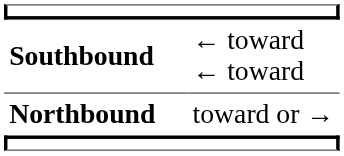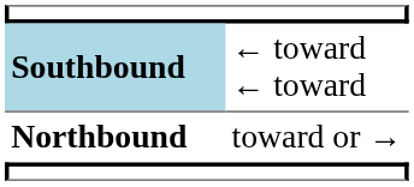 <table table border=0 cellspacing=0 cellpadding=3>
 <tr>
 <td style="border-bottom:solid 2px black;border-right:solid 2px black;border-left:solid 2px black;border-top:solid 1px gray;text-align:center;" colspan=2></td>
 </tr>
 <tr>
-<td width=100><strong>Southbound</strong></td>
+<td width=100 style="background: lightblue;"><strong>Southbound</strong></td>
 <td>←  toward  <br>←  toward  </td>
 </tr>
 <tr>
 <td style="border-top:solid 1px gray"><strong>Northbound</strong></td>
 <td style="border-top:solid 1px gray">  toward  or   →</td>
 </tr>
 <tr>
 <td style="border-bottom:solid 1px gray;border-right:solid 2px black;border-left:solid 2px black;border-top:solid 2px black;text-align:center;" colspan=2></td>
 </tr>
 </table>
